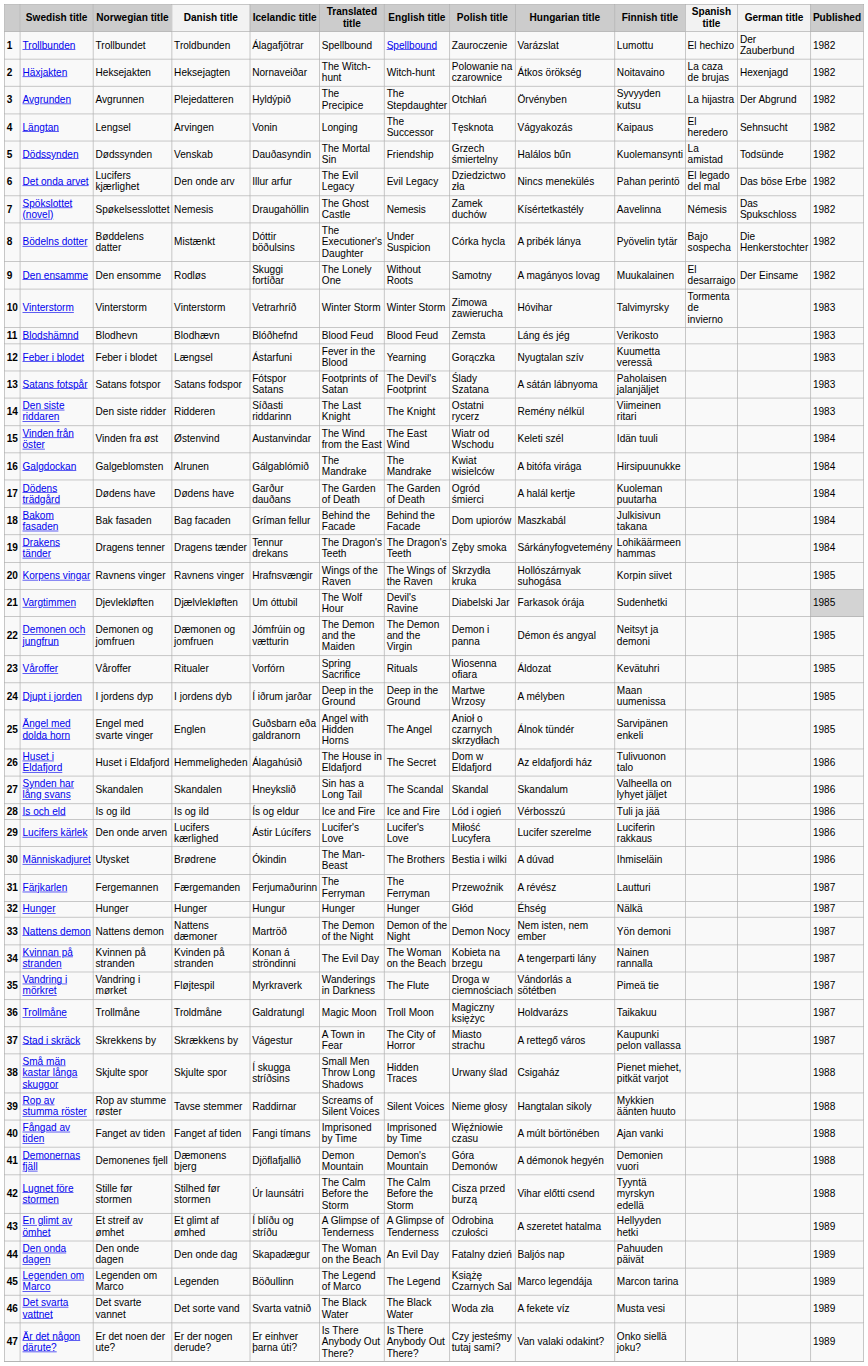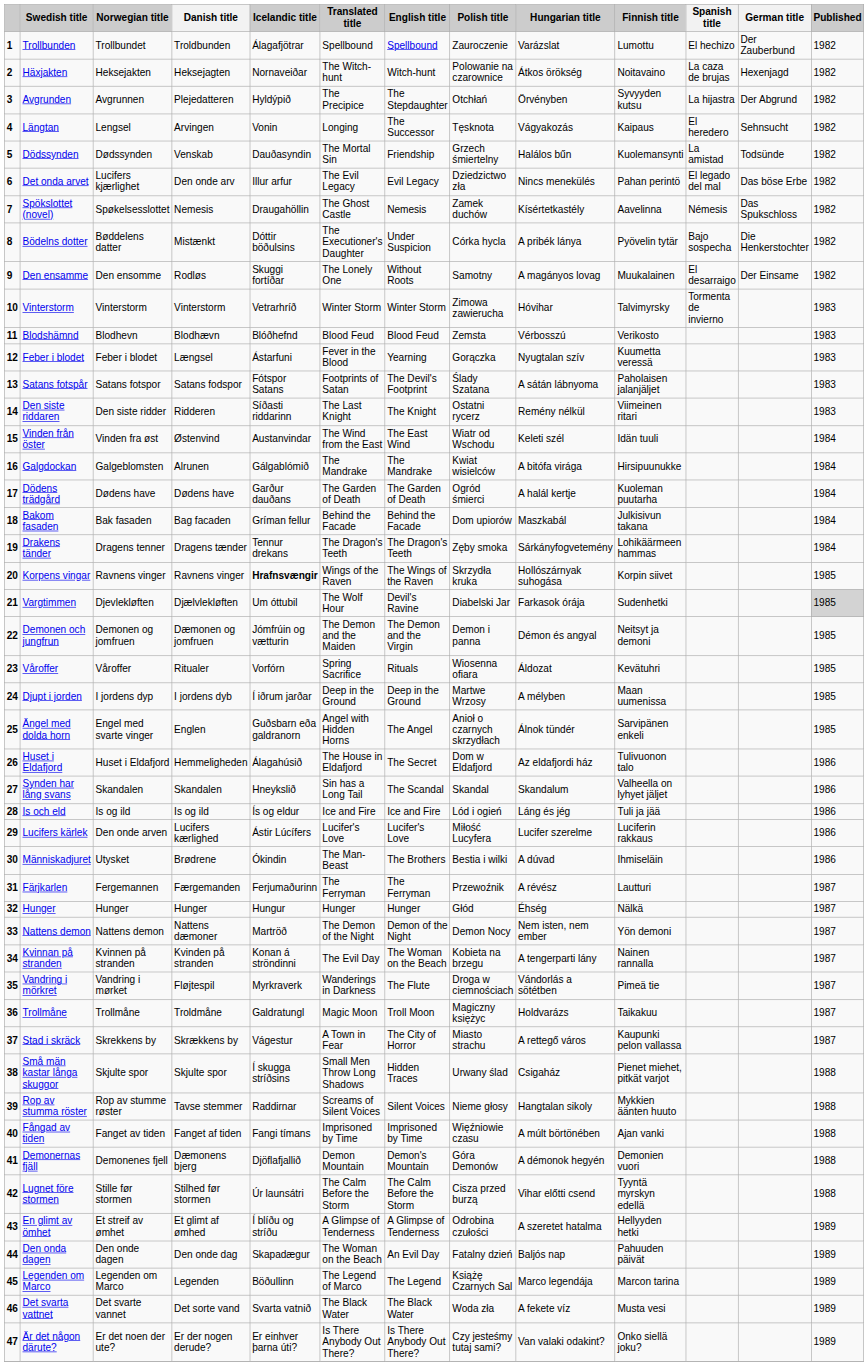 <table class="wikitable">
 <tr>
 <th style="background-color: #CCCCCC"></th>
 <th style="background-color: #CCCCCC"><strong>Swedish title</strong></th>
 <th style="background-color: #CCCCCC"><strong>Norwegian title</strong></th>
 <th>Danish title</th>
 <th style="background-color: #CCCCCC"><strong>Icelandic title</strong></th>
 <th style="background-color: #CCCCCC"><strong>Translated title</strong></th>
 <th style="background-color: #CCCCCC"><strong>English title</strong></th>
 <th style="background-color: #CCCCCC"><strong>Polish title</strong></th>
 <th style="background-color: #CCCCCC"><strong>Hungarian title</strong></th>
 <th style="background-color: #CCCCCC"><strong>Finnish title</strong></th>
 <th>Spanish title</th>
 <th>German title</th>
 <th style="background-color: #CCCCCC"><strong>Published</strong></th>
 </tr>
 <tr>
 <td><strong>1</strong></td>
 <td><a href='#'>Trollbunden</a></td>
 <td>Trollbundet</td>
 <td>Troldbunden</td>
 <td>Álagafjötrar</td>
 <td>Spellbound</td>
 <td><a href='#'>Spellbound</a></td>
 <td>Zauroczenie</td>
 <td>Varázslat</td>
 <td>Lumottu</td>
 <td>El hechizo</td>
 <td>Der Zauberbund</td>
 <td>1982</td>
 </tr>
 <tr>
 <td><strong>2</strong></td>
 <td><a href='#'>Häxjakten</a></td>
 <td>Heksejakten</td>
 <td>Heksejagten</td>
 <td>Nornaveiðar</td>
 <td>The Witch-hunt</td>
 <td>Witch-hunt</td>
 <td>Polowanie na czarownice</td>
 <td>Átkos örökség</td>
 <td>Noitavaino</td>
 <td>La caza de brujas</td>
 <td>Hexenjagd</td>
 <td>1982</td>
 </tr>
 <tr>
 <td><strong>3</strong></td>
 <td><a href='#'>Avgrunden</a></td>
 <td>Avgrunnen</td>
 <td>Plejedatteren</td>
 <td>Hyldýpið</td>
 <td>The Precipice</td>
 <td>The Stepdaughter</td>
 <td>Otchłań</td>
 <td>Örvényben</td>
 <td>Syvyyden kutsu</td>
 <td>La hijastra</td>
 <td>Der Abgrund</td>
 <td>1982</td>
 </tr>
 <tr>
 <td><strong>4</strong></td>
 <td><a href='#'>Längtan</a></td>
 <td>Lengsel</td>
 <td>Arvingen</td>
 <td>Vonin</td>
 <td>Longing</td>
 <td>The Successor</td>
 <td>Tęsknota</td>
 <td>Vágyakozás</td>
 <td>Kaipaus</td>
 <td>El heredero</td>
 <td>Sehnsucht</td>
 <td>1982</td>
 </tr>
 <tr>
 <td><strong>5</strong></td>
 <td><a href='#'>Dödssynden</a></td>
 <td>Dødssynden</td>
 <td>Venskab</td>
 <td>Dauðasyndin</td>
 <td>The Mortal Sin</td>
 <td>Friendship</td>
 <td>Grzech śmiertelny</td>
 <td>Halálos bűn</td>
 <td>Kuolemansynti</td>
 <td>La amistad</td>
 <td>Todsünde</td>
 <td>1982</td>
 </tr>
 <tr>
 <td><strong>6</strong></td>
 <td><a href='#'>Det onda arvet</a></td>
 <td>Lucifers kjærlighet</td>
 <td>Den onde arv</td>
 <td>Illur arfur</td>
 <td>The Evil Legacy</td>
 <td>Evil Legacy</td>
 <td>Dziedzictwo zła</td>
 <td>Nincs menekülés</td>
 <td>Pahan perintö</td>
 <td>El legado del mal</td>
 <td>Das böse Erbe</td>
 <td>1982</td>
 </tr>
 <tr>
 <td><strong>7</strong></td>
 <td><a href='#'>Spökslottet (novel)</a></td>
 <td>Spøkelsesslottet</td>
 <td>Nemesis</td>
 <td>Draugahöllin</td>
 <td>The Ghost Castle</td>
 <td>Nemesis</td>
 <td>Zamek duchów</td>
 <td>Kísértetkastély</td>
 <td>Aavelinna</td>
 <td>Némesis</td>
 <td>Das Spukschloss</td>
 <td>1982</td>
 </tr>
 <tr>
 <td><strong>8</strong></td>
 <td><a href='#'>Bödelns dotter</a></td>
 <td>Bøddelens datter</td>
 <td>Mistænkt</td>
 <td>Dóttir böðulsins</td>
 <td>The Executioner's Daughter</td>
 <td>Under Suspicion</td>
 <td>Córka hycla</td>
 <td>A pribék lánya</td>
 <td>Pyövelin tytär</td>
 <td>Bajo sospecha</td>
 <td>Die Henkerstochter</td>
 <td>1982</td>
 </tr>
 <tr>
 <td><strong>9</strong></td>
 <td><a href='#'>Den ensamme</a></td>
 <td>Den ensomme</td>
 <td>Rodløs</td>
 <td>Skuggi fortíðar</td>
 <td>The Lonely One</td>
 <td>Without Roots</td>
 <td>Samotny</td>
 <td>A magányos lovag</td>
 <td>Muukalainen</td>
 <td>El desarraigo</td>
 <td>Der Einsame</td>
 <td>1982</td>
 </tr>
 <tr>
 <td><strong>10</strong></td>
 <td><a href='#'>Vinterstorm</a></td>
 <td>Vinterstorm</td>
 <td>Vinterstorm</td>
 <td>Vetrarhríð</td>
 <td>Winter Storm</td>
 <td>Winter Storm</td>
 <td>Zimowa zawierucha</td>
 <td>Hóvihar</td>
 <td>Talvimyrsky</td>
 <td>Tormenta de invierno</td>
 <td></td>
 <td>1983</td>
 </tr>
 <tr>
 <td><strong>11</strong></td>
 <td><a href='#'>Blodshämnd</a></td>
 <td>Blodhevn</td>
 <td>Blodhævn</td>
 <td>Blóðhefnd</td>
 <td>Blood Feud</td>
 <td>Blood Feud</td>
 <td>Zemsta</td>
-<td>Láng és jég</td>
+<td>Vérbosszú</td>
 <td>Verikosto</td>
 <td></td>
 <td></td>
 <td>1983</td>
 </tr>
 <tr>
 <td><strong>12</strong></td>
 <td><a href='#'>Feber i blodet</a></td>
 <td>Feber i blodet</td>
 <td>Længsel</td>
 <td>Ástarfuni</td>
 <td>Fever in the Blood</td>
 <td>Yearning</td>
 <td>Gorączka</td>
 <td>Nyugtalan szív</td>
 <td>Kuumetta veressä</td>
 <td></td>
 <td></td>
 <td>1983</td>
 </tr>
 <tr>
 <td><strong>13</strong></td>
 <td><a href='#'>Satans fotspår</a></td>
 <td>Satans fotspor</td>
 <td>Satans fodspor</td>
 <td>Fótspor Satans</td>
 <td>Footprints of Satan</td>
 <td>The Devil's Footprint</td>
 <td>Ślady Szatana</td>
 <td>A sátán lábnyoma</td>
 <td>Paholaisen jalanjäljet</td>
 <td></td>
 <td></td>
 <td>1983</td>
 </tr>
 <tr>
 <td><strong>14</strong></td>
 <td><a href='#'>Den siste riddaren</a></td>
 <td>Den siste ridder</td>
 <td>Ridderen</td>
 <td>Síðasti riddarinn</td>
 <td>The Last Knight</td>
 <td>The Knight</td>
 <td>Ostatni rycerz</td>
 <td>Remény nélkül</td>
 <td>Viimeinen ritari</td>
 <td></td>
 <td></td>
 <td>1983</td>
 </tr>
 <tr>
 <td><strong>15</strong></td>
 <td><a href='#'>Vinden från öster</a></td>
 <td>Vinden fra øst</td>
 <td>Østenvind</td>
 <td>Austanvindar</td>
 <td>The Wind from the East</td>
 <td>The East Wind</td>
 <td>Wiatr od Wschodu</td>
 <td>Keleti szél</td>
 <td>Idän tuuli</td>
 <td></td>
 <td></td>
 <td>1984</td>
 </tr>
 <tr>
 <td><strong>16</strong></td>
 <td><a href='#'>Galgdockan</a></td>
 <td>Galgeblomsten</td>
 <td>Alrunen</td>
 <td>Gálgablómið</td>
 <td>The Mandrake</td>
 <td>The Mandrake</td>
 <td>Kwiat wisielców</td>
 <td>A bitófa virága</td>
 <td>Hirsipuunukke</td>
 <td></td>
 <td></td>
 <td>1984</td>
 </tr>
 <tr>
 <td><strong>17</strong></td>
 <td><a href='#'>Dödens trädgård</a></td>
 <td>Dødens have</td>
 <td>Dødens have</td>
 <td>Garður dauðans</td>
 <td>The Garden of Death</td>
 <td>The Garden of Death</td>
 <td>Ogród śmierci</td>
 <td>A halál kertje</td>
 <td>Kuoleman puutarha</td>
 <td></td>
 <td></td>
 <td>1984</td>
 </tr>
 <tr>
 <td><strong>18</strong></td>
 <td><a href='#'>Bakom fasaden</a></td>
 <td>Bak fasaden</td>
 <td>Bag facaden</td>
 <td>Gríman fellur</td>
 <td>Behind the Facade</td>
 <td>Behind the Facade</td>
 <td>Dom upiorów</td>
 <td>Maszkabál</td>
 <td>Julkisivun takana</td>
 <td></td>
 <td></td>
 <td>1984</td>
 </tr>
 <tr>
 <td><strong>19</strong></td>
 <td><a href='#'>Drakens tänder</a></td>
 <td>Dragens tenner</td>
 <td>Dragens tænder</td>
 <td>Tennur drekans</td>
 <td>The Dragon's Teeth</td>
 <td>The Dragon's Teeth</td>
 <td>Zęby smoka</td>
 <td>Sárkányfogvetemény</td>
 <td>Lohikäärmeen hammas</td>
 <td></td>
 <td></td>
 <td>1984</td>
 </tr>
 <tr>
 <td><strong>20</strong></td>
 <td><a href='#'>Korpens vingar</a></td>
 <td>Ravnens vinger</td>
 <td>Ravnens vinger</td>
-<td>Hrafnsvængir</td>
+<td><strong>Hrafnsvængir</strong></td>
 <td>Wings of the Raven</td>
 <td>The Wings of the Raven</td>
 <td>Skrzydła kruka</td>
 <td>Hollószárnyak suhogása</td>
 <td>Korpin siivet</td>
 <td></td>
 <td></td>
 <td>1985</td>
 </tr>
 <tr>
 <td><strong>21</strong></td>
 <td><a href='#'>Vargtimmen</a></td>
 <td>Djevlekløften</td>
 <td>Djælvlekløften</td>
 <td>Um óttubil</td>
 <td>The Wolf Hour</td>
 <td>Devil's Ravine</td>
 <td>Diabelski Jar</td>
 <td>Farkasok órája</td>
 <td>Sudenhetki</td>
 <td></td>
 <td></td>
 <td style="background: lightgrey;">1985</td>
 </tr>
 <tr>
 <td><strong>22</strong></td>
 <td><a href='#'>Demonen och jungfrun</a></td>
 <td>Demonen og jomfruen</td>
 <td>Dæmonen og jomfruen</td>
 <td>Jómfrúin og vætturin</td>
 <td>The Demon and the Maiden</td>
 <td>The Demon and the Virgin</td>
 <td>Demon i panna</td>
 <td>Démon és angyal</td>
 <td>Neitsyt ja demoni</td>
 <td></td>
 <td></td>
 <td>1985</td>
 </tr>
 <tr>
 <td><strong>23</strong></td>
 <td><a href='#'>Våroffer</a></td>
 <td>Våroffer</td>
 <td>Ritualer</td>
 <td>Vorfórn</td>
 <td>Spring Sacrifice</td>
 <td>Rituals</td>
 <td>Wiosenna ofiara</td>
 <td>Áldozat</td>
 <td>Kevätuhri</td>
 <td></td>
 <td></td>
 <td>1985</td>
 </tr>
 <tr>
 <td><strong>24</strong></td>
 <td><a href='#'>Djupt i jorden</a></td>
 <td>I jordens dyp</td>
 <td>I jordens dyb</td>
 <td>Í iðrum jarðar</td>
 <td>Deep in the Ground</td>
 <td>Deep in the Ground</td>
 <td>Martwe Wrzosy</td>
 <td>A mélyben</td>
 <td>Maan uumenissa</td>
 <td></td>
 <td></td>
 <td>1985</td>
 </tr>
 <tr>
 <td><strong>25</strong></td>
 <td><a href='#'>Ängel med dolda horn</a></td>
 <td>Engel med svarte vinger</td>
 <td>Englen</td>
 <td>Guðsbarn eða galdranorn</td>
 <td>Angel with Hidden Horns</td>
 <td>The Angel</td>
 <td>Anioł o czarnych skrzydłach</td>
 <td>Álnok tündér</td>
 <td>Sarvipänen enkeli</td>
 <td></td>
 <td></td>
 <td>1985</td>
 </tr>
 <tr>
 <td><strong>26</strong></td>
 <td><a href='#'>Huset i Eldafjord</a></td>
 <td>Huset i Eldafjord</td>
 <td>Hemmeligheden</td>
 <td>Álagahúsið</td>
 <td>The House in Eldafjord</td>
 <td>The Secret</td>
 <td>Dom w Eldafjord</td>
 <td>Az eldafjordi ház</td>
 <td>Tulivuonon talo</td>
 <td></td>
 <td></td>
 <td>1986</td>
 </tr>
 <tr>
 <td><strong>27</strong></td>
 <td><a href='#'>Synden har lång svans</a></td>
 <td>Skandalen</td>
 <td>Skandalen</td>
 <td>Hneykslið</td>
 <td>Sin has a Long Tail</td>
 <td>The Scandal</td>
 <td>Skandal</td>
 <td>Skandalum</td>
 <td>Valheella on lyhyet jäljet</td>
 <td></td>
 <td></td>
 <td>1986</td>
 </tr>
 <tr>
 <td><strong>28</strong></td>
 <td><a href='#'>Is och eld</a></td>
 <td>Is og ild</td>
 <td>Is og ild</td>
 <td>Ís og eldur</td>
 <td>Ice and Fire</td>
 <td>Ice and Fire</td>
 <td>Lód i ogień</td>
-<td>Vérbosszú</td>
+<td>Láng és jég</td>
 <td>Tuli ja jää</td>
 <td></td>
 <td></td>
 <td>1986</td>
 </tr>
 <tr>
 <td><strong>29</strong></td>
 <td><a href='#'>Lucifers kärlek</a></td>
 <td>Den onde arven</td>
 <td>Lucifers kærlighed</td>
 <td>Ástir Lúcífers</td>
 <td>Lucifer's Love</td>
 <td>Lucifer's Love</td>
 <td>Miłość Lucyfera</td>
 <td>Lucifer szerelme</td>
 <td>Luciferin rakkaus</td>
 <td></td>
 <td></td>
 <td>1986</td>
 </tr>
 <tr>
 <td><strong>30</strong></td>
 <td><a href='#'>Människadjuret</a></td>
 <td>Utysket</td>
 <td>Brødrene</td>
 <td>Ókindin</td>
 <td>The Man-Beast</td>
 <td>The Brothers</td>
 <td>Bestia i wilki</td>
 <td>A dúvad</td>
 <td>Ihmiseläin</td>
 <td></td>
 <td></td>
 <td>1986</td>
 </tr>
 <tr>
 <td><strong>31</strong></td>
 <td><a href='#'>Färjkarlen</a></td>
 <td>Fergemannen</td>
 <td>Færgemanden</td>
 <td>Ferjumaðurinn</td>
 <td>The Ferryman</td>
 <td>The Ferryman</td>
 <td>Przewoźnik</td>
 <td>A révész</td>
 <td>Lautturi</td>
 <td></td>
 <td></td>
 <td>1987</td>
 </tr>
 <tr>
 <td><strong>32</strong></td>
 <td><a href='#'>Hunger</a></td>
 <td>Hunger</td>
 <td>Hunger</td>
 <td>Hungur</td>
 <td>Hunger</td>
 <td>Hunger</td>
 <td>Głód</td>
 <td>Éhség</td>
 <td>Nälkä</td>
 <td></td>
 <td></td>
 <td>1987</td>
 </tr>
 <tr>
 <td><strong>33</strong></td>
 <td><a href='#'>Nattens demon</a></td>
 <td>Nattens demon</td>
 <td>Nattens dæmoner</td>
 <td>Martröð</td>
 <td>The Demon of the Night</td>
 <td>Demon of the Night</td>
 <td>Demon Nocy</td>
 <td>Nem isten, nem ember</td>
 <td>Yön demoni</td>
 <td></td>
 <td></td>
 <td>1987</td>
 </tr>
 <tr>
 <td><strong>34</strong></td>
 <td><a href='#'>Kvinnan på stranden</a></td>
 <td>Kvinnen på stranden</td>
 <td>Kvinden på stranden</td>
 <td>Konan á ströndinni</td>
 <td>The Evil Day</td>
 <td>The Woman on the Beach</td>
 <td>Kobieta na brzegu</td>
 <td>A tengerparti lány</td>
 <td>Nainen rannalla</td>
 <td></td>
 <td></td>
 <td>1987</td>
 </tr>
 <tr>
 <td><strong>35</strong></td>
 <td><a href='#'>Vandring i mörkret</a></td>
 <td>Vandring i mørket</td>
 <td>Fløjtespil</td>
 <td>Myrkraverk</td>
 <td>Wanderings in Darkness</td>
 <td>The Flute</td>
 <td>Droga w ciemnościach</td>
 <td>Vándorlás a sötétben</td>
 <td>Pimeä tie</td>
 <td></td>
 <td></td>
 <td>1987</td>
 </tr>
 <tr>
 <td><strong>36</strong></td>
 <td><a href='#'>Trollmåne</a></td>
 <td>Trollmåne</td>
 <td>Troldmåne</td>
 <td>Galdratungl</td>
 <td>Magic Moon</td>
 <td>Troll Moon</td>
 <td>Magiczny księżyc</td>
 <td>Holdvarázs</td>
 <td>Taikakuu</td>
 <td></td>
 <td></td>
 <td>1987</td>
 </tr>
 <tr>
 <td><strong>37</strong></td>
 <td><a href='#'>Stad i skräck</a></td>
 <td>Skrekkens by</td>
 <td>Skrækkens by</td>
 <td>Vágestur</td>
 <td>A Town in Fear</td>
 <td>The City of Horror</td>
 <td>Miasto strachu</td>
 <td>A rettegő város</td>
 <td>Kaupunki pelon vallassa</td>
 <td></td>
 <td></td>
 <td>1987</td>
 </tr>
 <tr>
 <td><strong>38</strong></td>
 <td><a href='#'>Små män kastar långa skuggor</a></td>
 <td>Skjulte spor</td>
 <td>Skjulte spor</td>
 <td>Í skugga stríðsins</td>
 <td>Small Men Throw Long Shadows</td>
 <td>Hidden Traces</td>
 <td>Urwany ślad</td>
 <td>Csigaház</td>
 <td>Pienet miehet, pitkät varjot</td>
 <td></td>
 <td></td>
 <td>1988</td>
 </tr>
 <tr>
 <td><strong>39</strong></td>
 <td><a href='#'>Rop av stumma röster</a></td>
 <td>Rop av stumme røster</td>
 <td>Tavse stemmer</td>
 <td>Raddirnar</td>
 <td>Screams of Silent Voices</td>
 <td>Silent Voices</td>
 <td>Nieme głosy</td>
 <td>Hangtalan sikoly</td>
 <td>Mykkien äänten huuto</td>
 <td></td>
 <td></td>
 <td>1988</td>
 </tr>
 <tr>
 <td><strong>40</strong></td>
 <td><a href='#'>Fångad av tiden</a></td>
 <td>Fanget av tiden</td>
 <td>Fanget af tiden</td>
 <td>Fangi tímans</td>
 <td>Imprisoned by Time</td>
 <td>Imprisoned by Time</td>
 <td>Więźniowie czasu</td>
 <td>A múlt börtönében</td>
 <td>Ajan vanki</td>
 <td></td>
 <td></td>
 <td>1988</td>
 </tr>
 <tr>
 <td><strong>41</strong></td>
 <td><a href='#'>Demonernas fjäll</a></td>
 <td>Demonenes fjell</td>
 <td>Dæmonens bjerg</td>
 <td>Djöflafjallið</td>
 <td>Demon Mountain</td>
 <td>Demon's Mountain</td>
 <td>Góra Demonów</td>
 <td>A démonok hegyén</td>
 <td>Demonien vuori</td>
 <td></td>
 <td></td>
 <td>1988</td>
 </tr>
 <tr>
 <td><strong>42</strong></td>
 <td><a href='#'>Lugnet före stormen</a></td>
 <td>Stille før stormen</td>
 <td>Stilhed før stormen</td>
 <td>Úr launsátri</td>
 <td>The Calm Before the Storm</td>
 <td>The Calm Before the Storm</td>
 <td>Cisza przed burzą</td>
 <td>Vihar előtti csend</td>
 <td>Tyyntä myrskyn edellä</td>
 <td></td>
 <td></td>
 <td>1988</td>
 </tr>
 <tr>
 <td><strong>43</strong></td>
 <td><a href='#'>En glimt av ömhet</a></td>
 <td>Et streif av ømhet</td>
 <td>Et glimt af ømhed</td>
 <td>Í blíðu og stríðu</td>
 <td>A Glimpse of Tenderness</td>
 <td>A Glimpse of Tenderness</td>
 <td>Odrobina czułości</td>
 <td>A szeretet hatalma</td>
 <td>Hellyyden hetki</td>
 <td></td>
 <td></td>
 <td>1989</td>
 </tr>
 <tr>
 <td><strong>44</strong></td>
 <td><a href='#'>Den onda dagen</a></td>
 <td>Den onde dagen</td>
 <td>Den onde dag</td>
 <td>Skapadægur</td>
 <td>The Woman on the Beach</td>
 <td>An Evil Day</td>
 <td>Fatalny dzień</td>
 <td>Baljós nap</td>
 <td>Pahuuden päivät</td>
 <td></td>
 <td></td>
 <td>1989</td>
 </tr>
 <tr>
 <td><strong>45</strong></td>
 <td><a href='#'>Legenden om Marco</a></td>
 <td>Legenden om Marco</td>
 <td>Legenden</td>
 <td>Böðullinn</td>
 <td>The Legend of Marco</td>
 <td>The Legend</td>
 <td>Książę Czarnych Sal</td>
 <td>Marco legendája</td>
 <td>Marcon tarina</td>
 <td></td>
 <td></td>
 <td>1989</td>
 </tr>
 <tr>
 <td><strong>46</strong></td>
 <td><a href='#'>Det svarta vattnet</a></td>
 <td>Det svarte vannet</td>
 <td>Det sorte vand</td>
 <td>Svarta vatnið</td>
 <td>The Black Water</td>
 <td>The Black Water</td>
 <td>Woda zła</td>
 <td>A fekete víz</td>
 <td>Musta vesi</td>
 <td></td>
 <td></td>
 <td>1989</td>
 </tr>
 <tr>
 <td><strong>47</strong></td>
 <td><a href='#'>Är det någon därute?</a></td>
 <td>Er det noen der ute?</td>
 <td>Er der nogen derude?</td>
 <td>Er einhver þarna úti?</td>
 <td>Is There Anybody Out There?</td>
 <td>Is There Anybody Out There?</td>
 <td>Czy jesteśmy tutaj sami?</td>
 <td>Van valaki odakint?</td>
 <td>Onko siellä joku?</td>
 <td></td>
 <td></td>
 <td>1989</td>
 </tr>
 <tr>
 </tr>
 </table>
